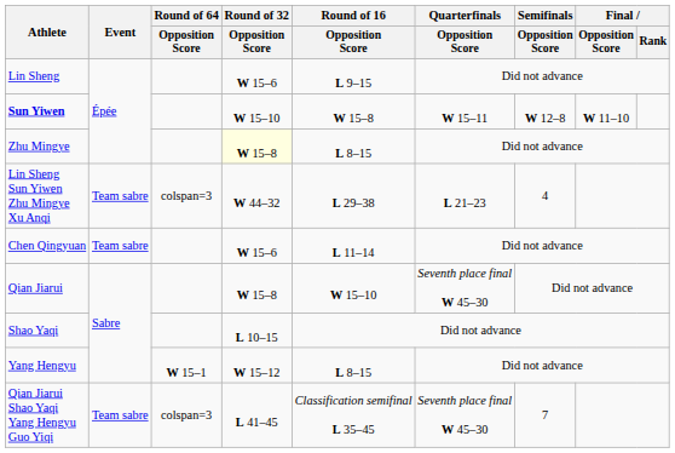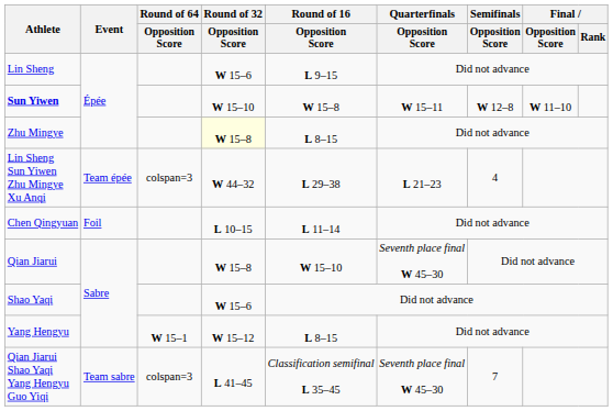 <table class="wikitable" style="font-size:90%">
 <tr>
 <th rowspan="2">Athlete</th>
 <th rowspan="2">Event</th>
 <th>Round of 64</th>
 <th>Round of 32</th>
 <th>Round of 16</th>
 <th>Quarterfinals</th>
 <th>Semifinals</th>
 <th colspan=2>Final / </th>
 </tr>
 <tr style="font-size:95%">
 <th>Opposition <br> Score</th>
 <th>Opposition <br> Score</th>
 <th>Opposition <br> Score</th>
 <th>Opposition <br> Score</th>
 <th>Opposition <br> Score</th>
 <th>Opposition <br> Score</th>
 <th>Rank</th>
 </tr>
 <tr align=center>
 <td align=left><a href='#'>Lin Sheng</a></td>
 <td align=left rowspan=3><a href='#'>Épée</a></td>
 <td></td>
 <td><br><strong>W</strong> 15–6</td>
 <td> <br> <strong>L</strong> 9–15</td>
 <td colspan=4>Did not advance</td>
 </tr>
 <tr align=center>
 <td align=left><strong><a href='#'>Sun Yiwen</a></strong></td>
 <td></td>
 <td> <br> <strong>W</strong> 15–10</td>
 <td> <br> <strong>W</strong> 15–8</td>
 <td> <br> <strong>W</strong> 15–11</td>
 <td> <br> <strong>W</strong> 12–8</td>
 <td> <br> <strong>W</strong> 11–10</td>
 <td></td>
 </tr>
 <tr align=center>
 <td align=left><a href='#'>Zhu Mingye</a></td>
 <td></td>
 <td style="background: lightyellow;">  <br> <strong>W</strong> 15–8</td>
 <td> <br> <strong>L</strong> 8–15</td>
 <td colspan=4>Did not advance</td>
 </tr>
 <tr align=center>
 <td align=left><a href='#'>Lin Sheng</a><br><a href='#'>Sun Yiwen</a><br><a href='#'>Zhu Mingye</a><br><a href='#'>Xu Anqi</a></td>
-<td align=left><a href='#'>Team sabre</a></td>
+<td align=left><a href='#'>Team épée</a></td>
 <td>colspan=3 </td>
 <td><br> <strong>W</strong> 44–32</td>
 <td><br> <strong>L</strong> 29–38</td>
 <td><br> <strong>L</strong> 21–23</td>
 <td>4</td>
 </tr>
 <tr align=center>
 <td align=left><a href='#'>Chen Qingyuan</a></td>
-<td align=left><a href='#'>Team sabre</a></td>
+<td align=left><a href='#'>Foil</a></td>
 <td></td>
-<td><br> <strong>W</strong> 15–6</td>
+<td><br> <strong>L</strong> 10–15</td>
 <td><br> <strong>L</strong> 11–14</td>
 <td colspan=4>Did not advance</td>
 </tr>
 <tr align=center>
 <td align=left><a href='#'>Qian Jiarui</a></td>
 <td align=left rowspan=3><a href='#'>Sabre</a></td>
 <td></td>
 <td><br> <strong>W</strong> 15–8</td>
 <td><br> <strong>W</strong> 15–10</td>
 <td><em>Seventh place final</em><br><br> <strong>W</strong> 45–30</td>
 <td colspan=3>Did not advance</td>
 </tr>
 <tr align=center>
 <td align=left><a href='#'>Shao Yaqi</a></td>
 <td></td>
-<td><br> <strong>L</strong> 10–15</td>
+<td><br> <strong>W</strong> 15–6</td>
 <td colspan=5>Did not advance</td>
 </tr>
 <tr align=center>
 <td align=left><a href='#'>Yang Hengyu</a></td>
 <td><br> <strong>W</strong> 15–1</td>
 <td><br> <strong>W</strong> 15–12</td>
 <td><br> <strong>L</strong> 8–15</td>
 <td colspan=4>Did not advance</td>
 </tr>
 <tr align=center>
 <td align=left><a href='#'>Qian Jiarui</a><br><a href='#'>Shao Yaqi</a><br><a href='#'>Yang Hengyu</a><br><a href='#'>Guo Yiqi</a></td>
 <td align=left><a href='#'>Team sabre</a></td>
 <td>colspan=3 </td>
 <td><br> <strong>L</strong> 41–45</td>
 <td><em>Classification semifinal</em><br><br> <strong>L</strong> 35–45</td>
 <td><em>Seventh place final</em><br><br> <strong>W</strong> 45–30</td>
 <td>7</td>
 </tr>
 </table>
